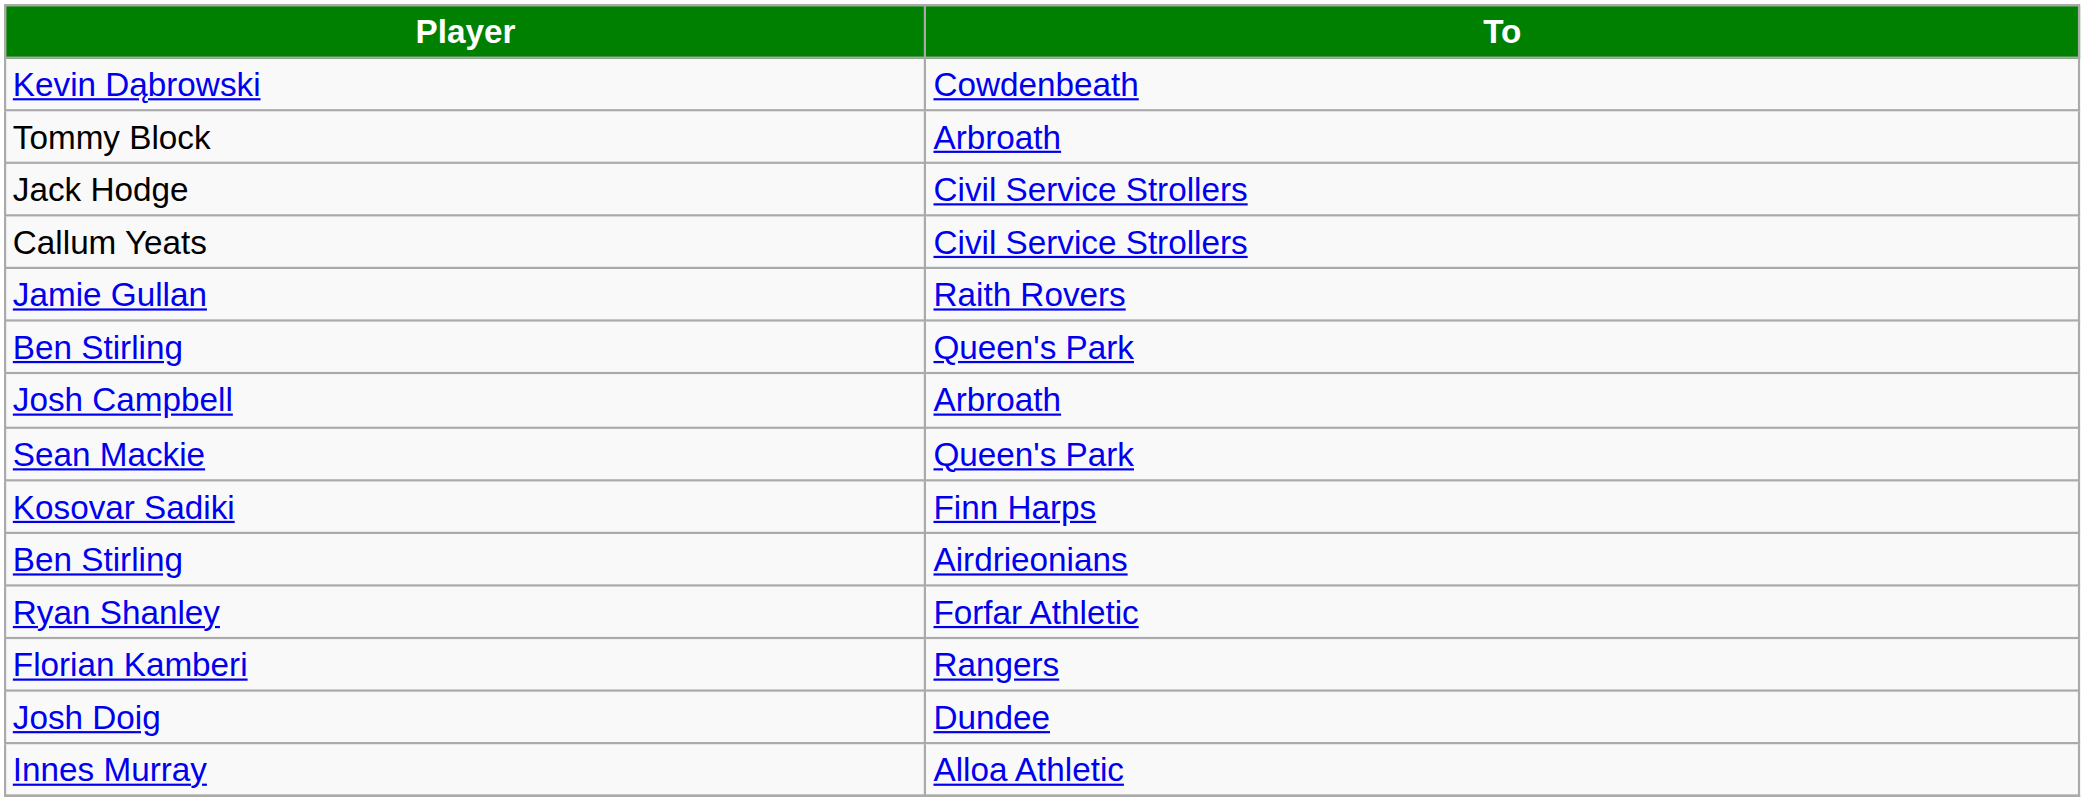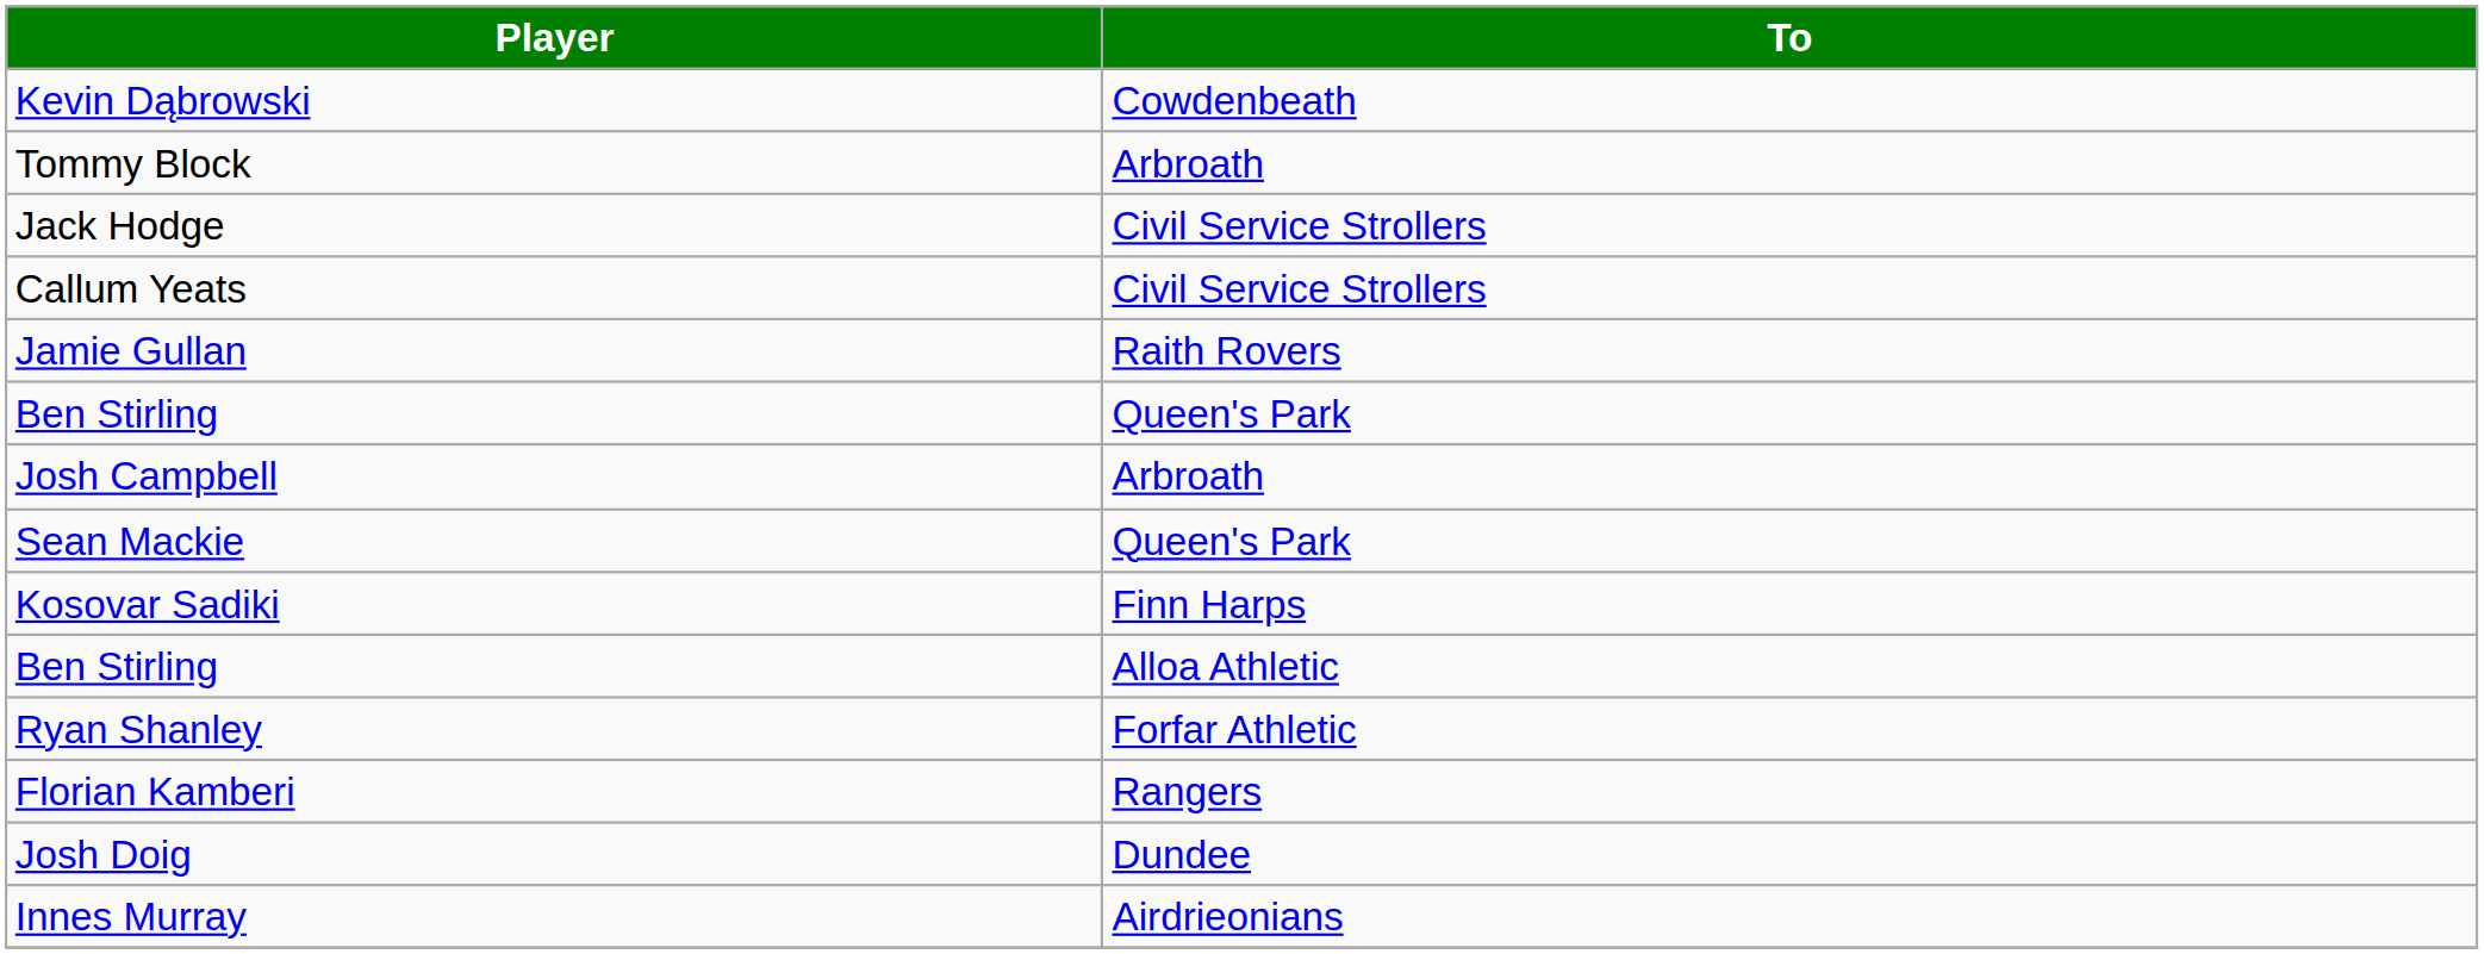 <table class="wikitable" style="text-align:center; font-size:95%;width:75%; text-align:left">
 <tr>
 <th style="background:#008000; color:white;">Player</th>
 <th style="background:#008000; color:white;">To</th>
 </tr>
 <tr>
 <td> <a href='#'>Kevin Dąbrowski</a></td>
 <td> <a href='#'>Cowdenbeath</a></td>
 </tr>
 <tr>
 <td> Tommy Block</td>
 <td> <a href='#'>Arbroath</a></td>
 </tr>
 <tr>
 <td> Jack Hodge</td>
 <td> <a href='#'>Civil Service Strollers</a></td>
 </tr>
 <tr>
 <td> Callum Yeats</td>
 <td> <a href='#'>Civil Service Strollers</a></td>
 </tr>
 <tr>
 <td> <a href='#'>Jamie Gullan</a></td>
 <td> <a href='#'>Raith Rovers</a></td>
 </tr>
 <tr>
 <td> <a href='#'>Ben Stirling</a></td>
 <td> <a href='#'>Queen's Park</a></td>
 </tr>
 <tr>
 <td> <a href='#'>Josh Campbell</a></td>
 <td> <a href='#'>Arbroath</a></td>
 </tr>
 <tr>
 <td> <a href='#'>Sean Mackie</a></td>
 <td> <a href='#'>Queen's Park</a></td>
 </tr>
 <tr>
 <td> <a href='#'>Kosovar Sadiki</a></td>
 <td> <a href='#'>Finn Harps</a></td>
 </tr>
 <tr>
 <td> <a href='#'>Ben Stirling</a></td>
-<td> <a href='#'>Airdrieonians</a></td>
+<td> <a href='#'>Alloa Athletic</a></td>
 </tr>
 <tr>
 <td> <a href='#'>Ryan Shanley</a></td>
 <td> <a href='#'>Forfar Athletic</a></td>
 </tr>
 <tr>
 <td> <a href='#'>Florian Kamberi</a></td>
 <td> <a href='#'>Rangers</a></td>
 </tr>
 <tr>
 <td> <a href='#'>Josh Doig</a></td>
 <td> <a href='#'>Dundee</a></td>
 </tr>
 <tr>
 <td> <a href='#'>Innes Murray</a></td>
-<td> <a href='#'>Alloa Athletic</a></td>
+<td> <a href='#'>Airdrieonians</a></td>
 </tr>
 <tr>
 </tr>
 </table>
